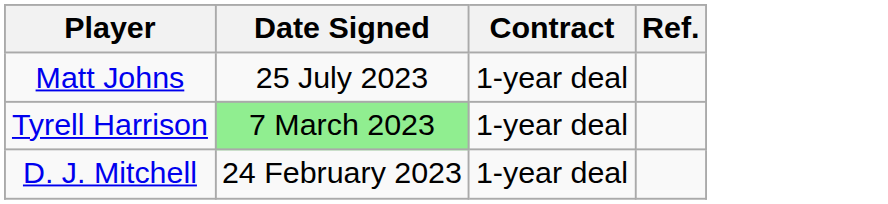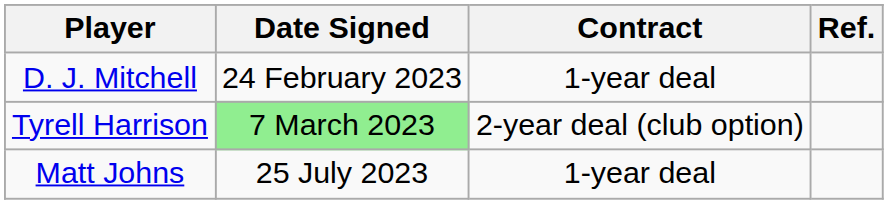 <table class="wikitable sortable sortable" style="text-align: center">
 <tr>
 <th>Player</th>
 <th>Date Signed</th>
 <th>Contract</th>
 <th>Ref.</th>
 </tr>
 <tr>
-<td><a href='#'>Matt Johns</a></td>
-<td>25 July 2023</td>
+<td><a href='#'>D. J. Mitchell</a></td>
+<td>24 February 2023</td>
 <td>1-year deal</td>
 <td></td>
 </tr>
 <tr>
 <td><a href='#'>Tyrell Harrison</a></td>
 <td style="background: lightgreen;">7 March 2023</td>
-<td>1-year deal</td>
+<td>2-year deal (club option)</td>
 <td></td>
 </tr>
 <tr>
-<td><a href='#'>D. J. Mitchell</a></td>
-<td>24 February 2023</td>
+<td><a href='#'>Matt Johns</a></td>
+<td>25 July 2023</td>
 <td>1-year deal</td>
 <td></td>
 </tr>
 </table>
